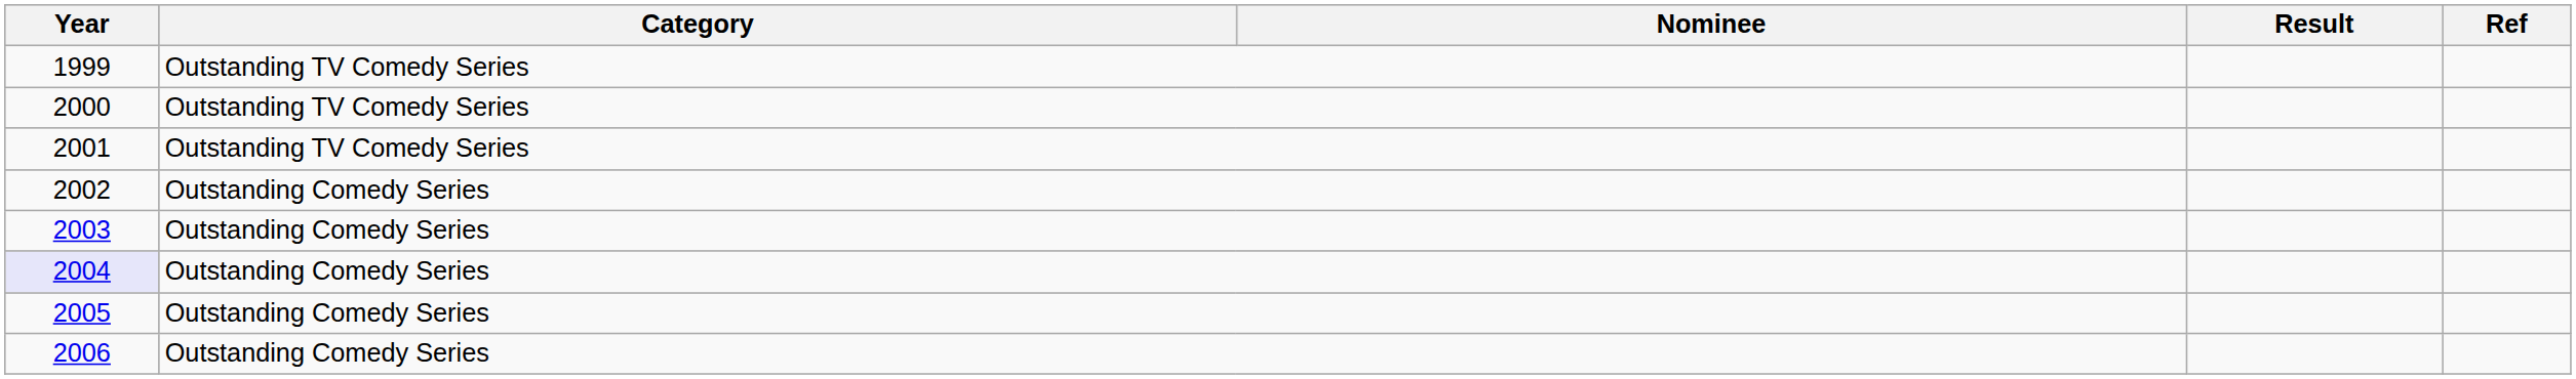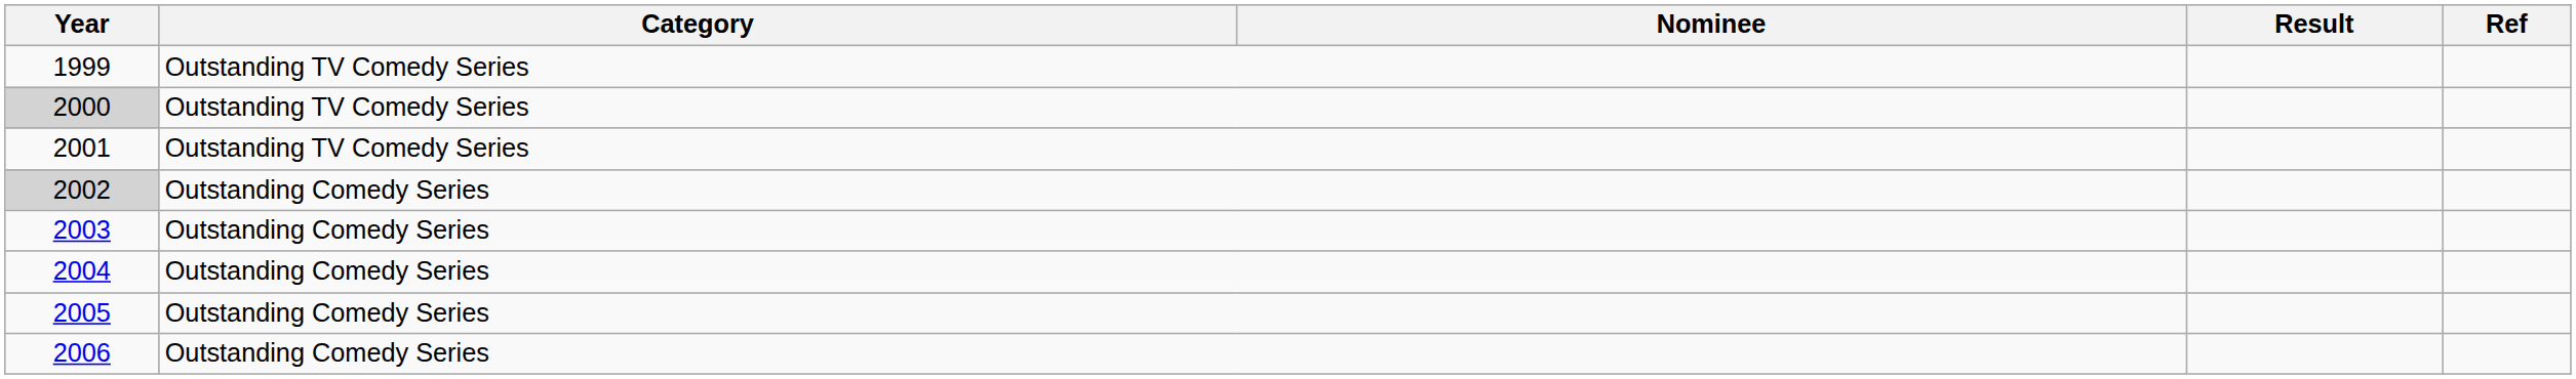 <table class="wikitable" style="width:100%;">
 <tr>
 <th style="width:6%;">Year</th>
 <th style="width:42%;">Category</th>
 <th style="width:37%;">Nominee</th>
 <th style="width:10%;">Result</th>
 <th style="width:5%;">Ref</th>
 </tr>
 <tr>
 <td style="text-align:center;">1999</td>
 <td colspan="2">Outstanding TV Comedy Series</td>
 <td></td>
 <td style="text-align:center;"></td>
 </tr>
 <tr>
-<td style="text-align:center;">2000</td>
+<td style="background: lightgrey; text-align:center;">2000</td>
 <td colspan="2">Outstanding TV Comedy Series</td>
 <td></td>
 <td style="text-align:center;"></td>
 </tr>
 <tr>
 <td style="text-align:center;">2001</td>
 <td colspan="2">Outstanding TV Comedy Series</td>
 <td></td>
 <td style="text-align:center;"></td>
 </tr>
 <tr>
-<td style="text-align:center;">2002</td>
+<td style="background: lightgrey; text-align:center;">2002</td>
 <td colspan="2">Outstanding Comedy Series</td>
 <td></td>
 <td style="text-align:center;"></td>
 </tr>
 <tr>
 <td style="text-align:center;"><a href='#'>2003</a></td>
 <td colspan="2">Outstanding Comedy Series</td>
 <td></td>
 <td style="text-align:center;"></td>
 </tr>
 <tr>
-<td style="background: lavender; text-align:center;"><a href='#'>2004</a></td>
+<td style="text-align:center;"><a href='#'>2004</a></td>
 <td colspan="2">Outstanding Comedy Series</td>
 <td></td>
 <td style="text-align:center;"></td>
 </tr>
 <tr>
 <td style="text-align:center;"><a href='#'>2005</a></td>
 <td colspan="2">Outstanding Comedy Series</td>
 <td></td>
 <td style="text-align:center;"></td>
 </tr>
 <tr>
 <td style="text-align:center;"><a href='#'>2006</a></td>
 <td colspan="2">Outstanding Comedy Series</td>
 <td></td>
 <td style="text-align:center;"></td>
 </tr>
 </table>
